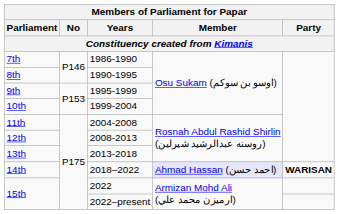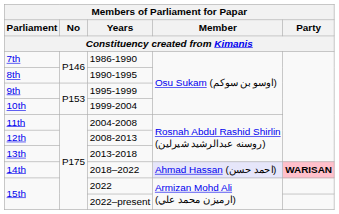 <table class=wikitable>
 <tr>
 <th colspan="5">Members of Parliament for Papar</th>
 </tr>
 <tr>
 <th>Parliament</th>
 <th>No</th>
 <th>Years</th>
 <th>Member</th>
 <th>Party</th>
 </tr>
 <tr>
 <th colspan="5" align="center"><em>Constituency created from <a href='#'>Kimanis</a></em></th>
 </tr>
 <tr>
 <td><a href='#'>7th</a></td>
 <td rowspan="2">P146</td>
 <td>1986-1990</td>
 <td rowspan=4><a href='#'>Osu Sukam</a> (اوسو بن سوكم)</td>
 <td rowspan=7></td>
 </tr>
 <tr>
 <td><a href='#'>8th</a></td>
 <td>1990-1995</td>
 </tr>
 <tr>
 <td><a href='#'>9th</a></td>
 <td rowspan="2">P153</td>
 <td>1995-1999</td>
 </tr>
 <tr>
 <td><a href='#'>10th</a></td>
 <td>1999-2004</td>
 </tr>
 <tr>
 <td><a href='#'>11th</a></td>
 <td rowspan="6">P175</td>
 <td>2004-2008</td>
 <td rowspan=3><a href='#'>Rosnah Abdul Rashid Shirlin</a> <br> (روسنه عبدالرشيد شيرلين)</td>
 </tr>
 <tr>
 <td><a href='#'>12th</a></td>
 <td>2008-2013</td>
 </tr>
 <tr>
 <td><a href='#'>13th</a></td>
 <td>2013-2018</td>
 </tr>
 <tr>
 <td><a href='#'>14th</a></td>
 <td>2018–2022</td>
 <td style="background: lavender;"><a href='#'>Ahmad Hassan</a> (احمد حسن)</td>
-<td><strong>WARISAN</strong></td>
+<td style="background: pink;"><strong>WARISAN</strong></td>
 </tr>
 <tr>
 <td rowspan="2"><a href='#'>15th</a></td>
 <td>2022</td>
 <td rowspan="2"><a href='#'>Armizan Mohd Ali</a> <br> (ارميزن محمد علي)</td>
 <td></td>
 </tr>
 <tr>
 <td>2022–present</td>
 <td></td>
 </tr>
 </table>
